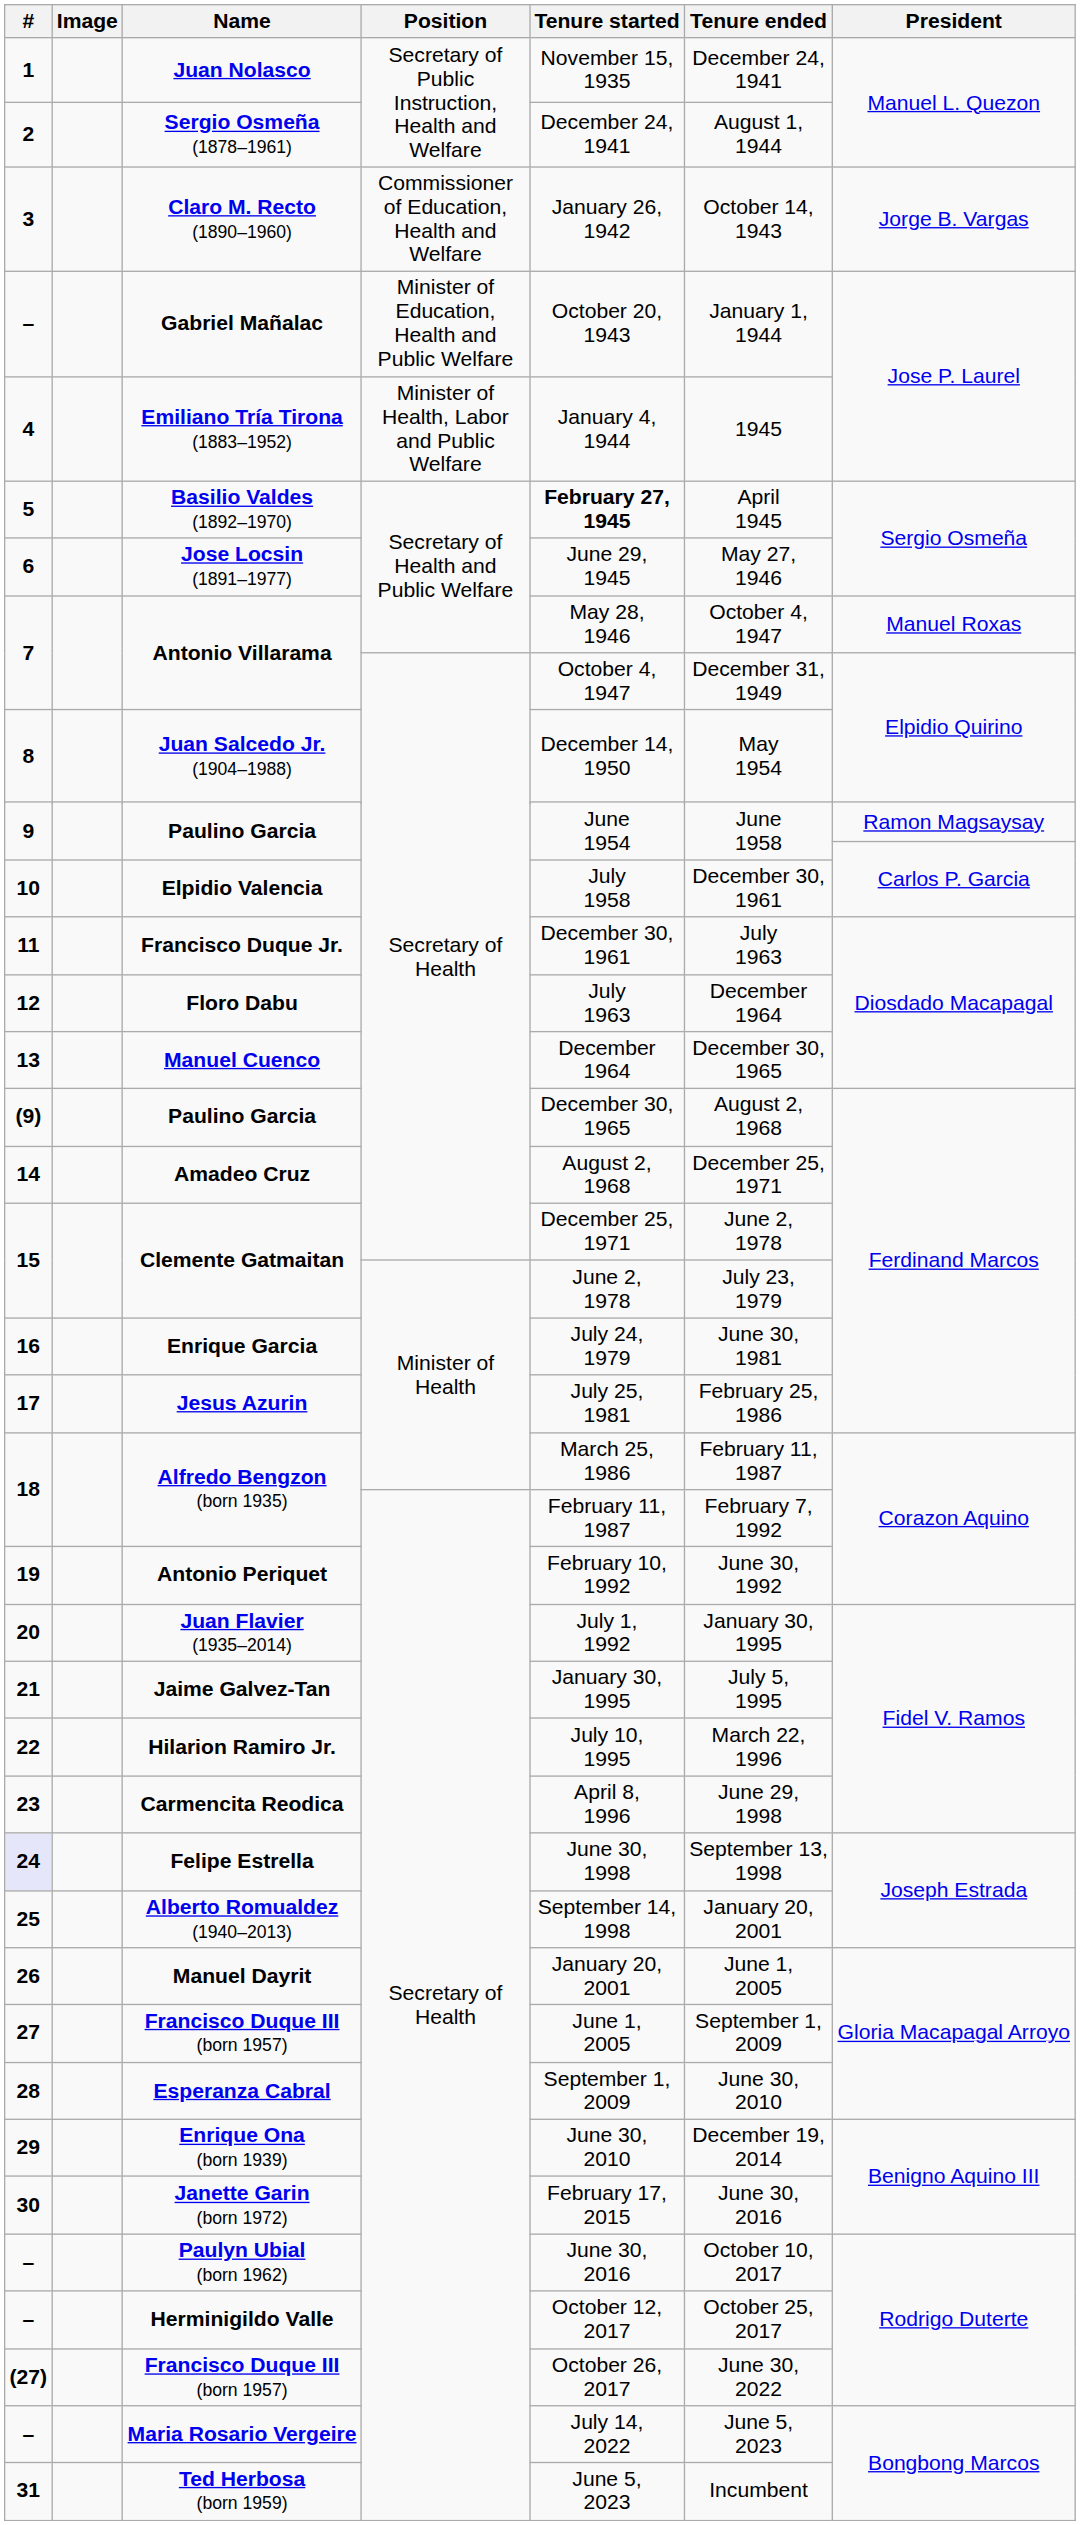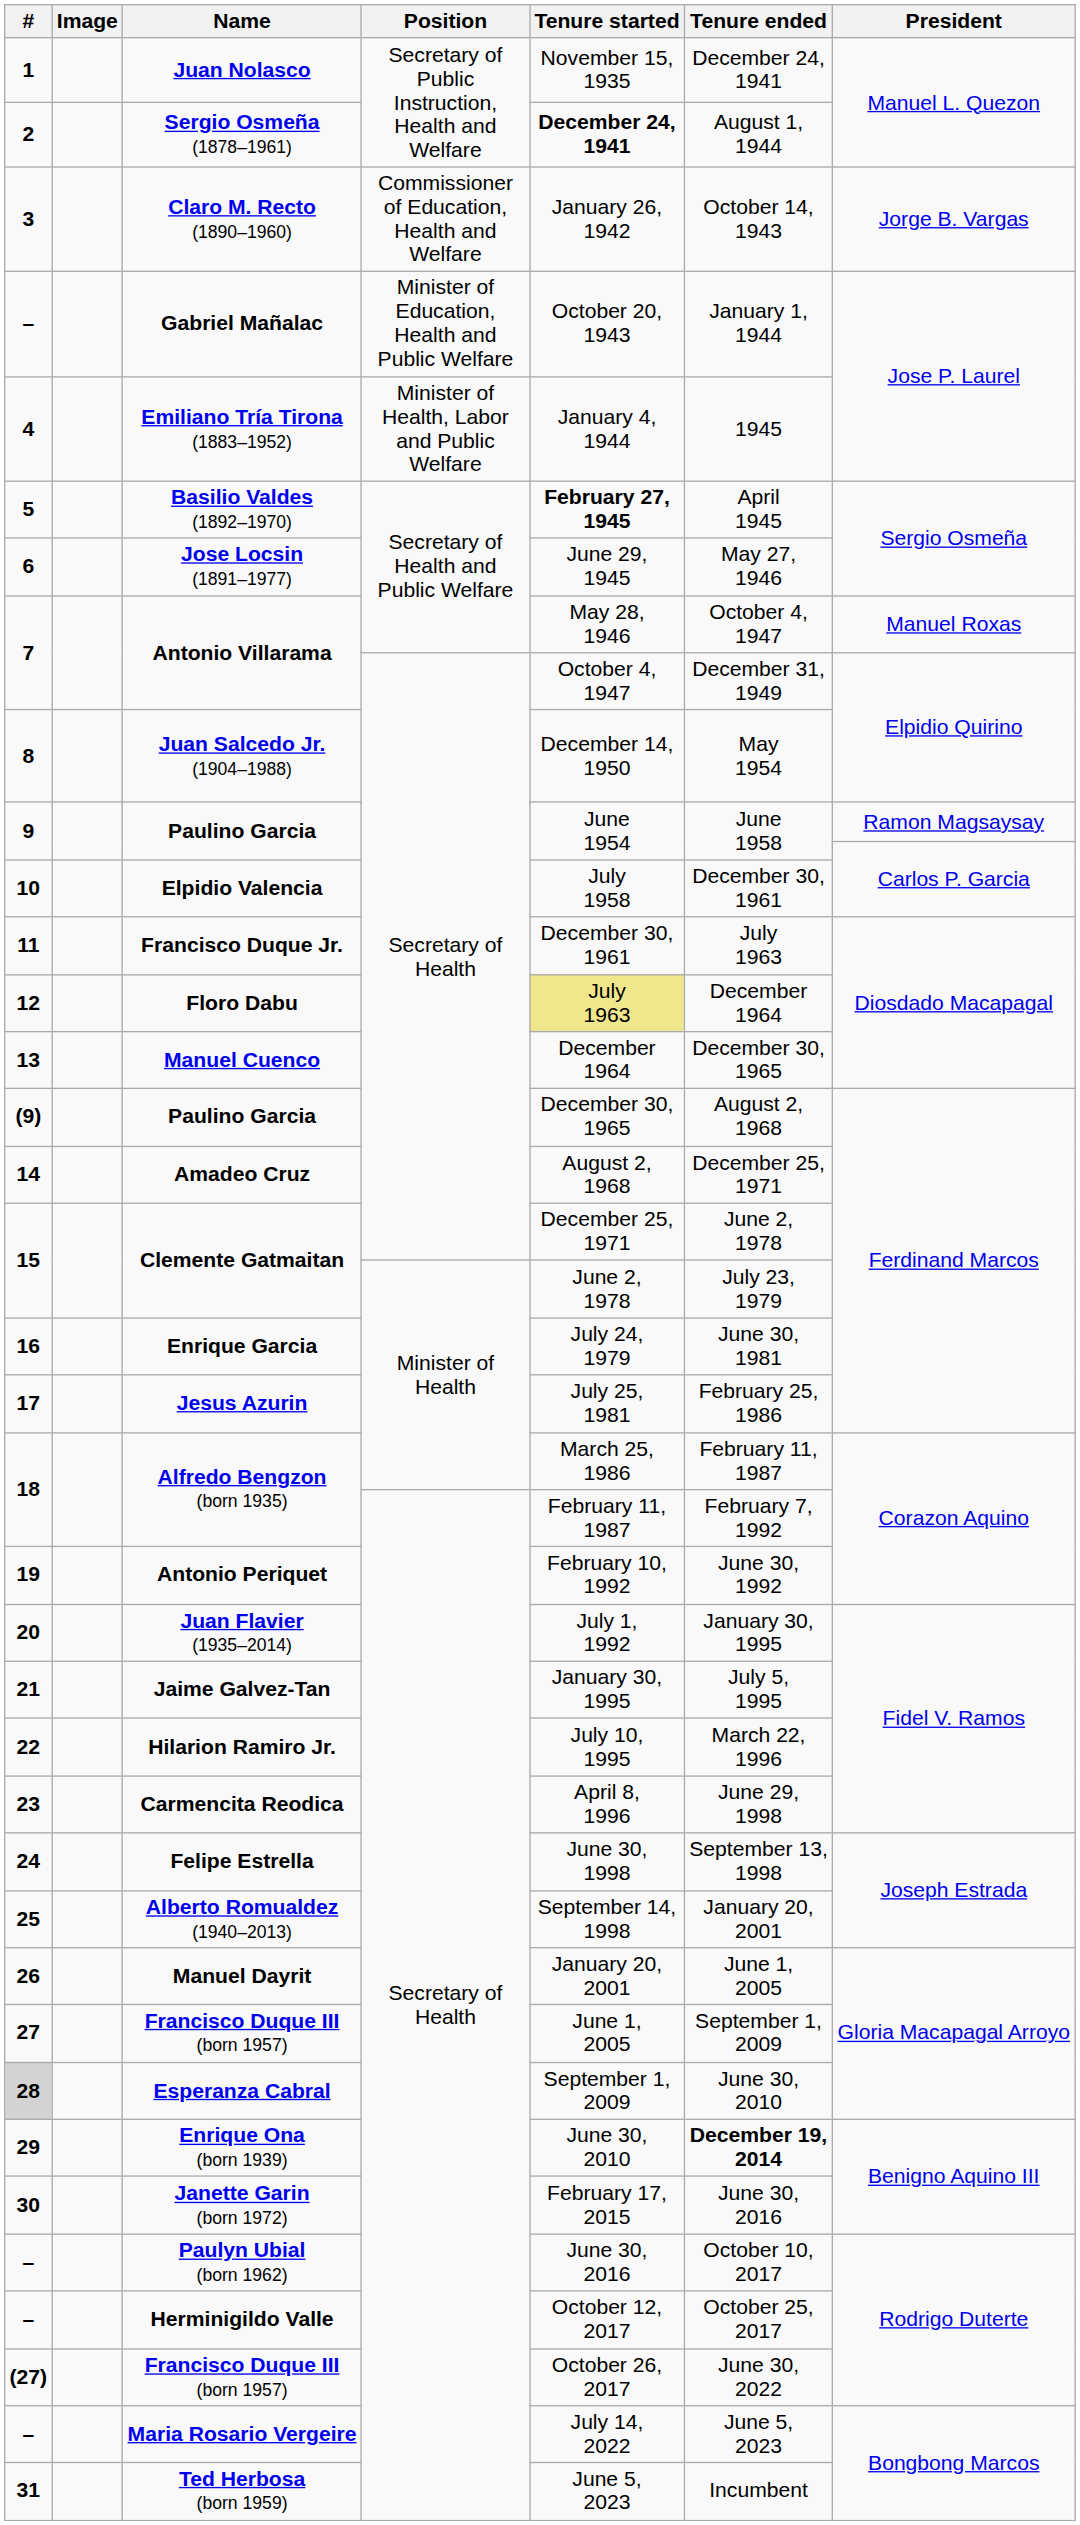 <table class="wikitable" style="text-align:center; border:1px #aaf solid;">
 <tr>
 <th>#</th>
 <th>Image</th>
 <th>Name</th>
 <th width=120px>Position</th>
 <th>Tenure started</th>
 <th>Tenure ended</th>
 <th>President</th>
 </tr>
 <tr>
 <td><strong>1</strong></td>
 <td></td>
 <td><strong><a href='#'>Juan Nolasco</a></strong></td>
 <td rowspan="2">Secretary of Public Instruction, Health and Welfare</td>
 <td>November 15,<br>1935</td>
 <td>December 24,<br>1941</td>
 <td rowspan="2"><a href='#'>Manuel L. Quezon</a></td>
 </tr>
 <tr>
 <td><strong>2</strong></td>
 <td></td>
 <td><strong><a href='#'>Sergio Osmeña</a></strong><br><small>(1878–1961)</small><br></td>
-<td>December 24,<br>1941</td>
+<td><strong>December 24,<br>1941</strong></td>
 <td>August 1,<br>1944</td>
 </tr>
 <tr>
 <td><strong>3</strong></td>
 <td></td>
 <td><strong><a href='#'>Claro M. Recto</a></strong><br><small>(1890–1960)</small><br></td>
 <td>Commissioner of Education, Health and Welfare</td>
 <td>January 26,<br>1942</td>
 <td>October 14,<br>1943</td>
 <td><a href='#'>Jorge B. Vargas</a></td>
 </tr>
 <tr>
 <td><strong>–</strong></td>
 <td></td>
 <td><strong>Gabriel Mañalac</strong><br></td>
 <td>Minister of Education, Health and Public Welfare</td>
 <td>October 20,<br>1943</td>
 <td>January 1,<br>1944</td>
 <td rowspan="2"><a href='#'>Jose P. Laurel</a></td>
 </tr>
 <tr>
 <td><strong>4</strong></td>
 <td></td>
 <td><strong><a href='#'>Emiliano Tría Tirona</a></strong><br><small>(1883–1952)</small><br></td>
 <td>Minister of Health, Labor and Public Welfare</td>
 <td>January 4,<br>1944</td>
 <td>1945</td>
 </tr>
 <tr>
 <td><strong>5</strong></td>
 <td></td>
 <td><strong><a href='#'>Basilio Valdes</a></strong><br><small>(1892–1970)</small></td>
 <td rowspan="3">Secretary of Health and Public Welfare</td>
 <td><strong>February 27,<br>1945</strong></td>
 <td>April<br>1945</td>
 <td rowspan="2"><a href='#'>Sergio Osmeña</a></td>
 </tr>
 <tr>
 <td><strong>6</strong></td>
 <td></td>
 <td><strong><a href='#'>Jose Locsin</a></strong><br><small>(1891–1977)</small></td>
 <td>June 29,<br>1945</td>
 <td>May 27,<br>1946</td>
 </tr>
 <tr>
 <td rowspan="3"><strong>7</strong></td>
 <td rowspan="3"></td>
 <td rowspan="3"><strong>Antonio Villarama</strong></td>
 <td>May 28,<br>1946</td>
 <td>October 4,<br>1947</td>
 <td rowspan="2"><a href='#'>Manuel Roxas</a></td>
 </tr>
 <tr>
 <td rowspan="13">Secretary of Health</td>
 <td rowspan="2">October 4,<br>1947</td>
 <td rowspan="2">December 31,<br>1949</td>
 </tr>
 <tr>
 <td rowspan="2"><a href='#'>Elpidio Quirino</a></td>
 </tr>
 <tr style="height:70px;">
 <td rowspan="2"><strong>8</strong></td>
 <td rowspan="2"></td>
 <td rowspan="2"><strong><a href='#'>Juan Salcedo Jr.</a></strong><br><small>(1904–1988)</small></td>
 <td rowspan="2">December 14,<br>1950</td>
 <td rowspan="2">May<br>1954</td>
 </tr>
 <tr>
 <td rowspan="2"><a href='#'>Ramon Magsaysay</a></td>
 </tr>
 <tr style="height:30px;">
 <td rowspan="2"><strong>9</strong></td>
 <td rowspan="2"></td>
 <td rowspan="2"><strong>Paulino Garcia</strong></td>
 <td rowspan="2">June<br>1954</td>
 <td rowspan="2">June<br>1958</td>
 </tr>
 <tr>
 <td rowspan="2"><a href='#'>Carlos P. Garcia</a></td>
 </tr>
 <tr>
 <td><strong>10</strong></td>
 <td></td>
 <td><strong>Elpidio Valencia</strong></td>
 <td>July<br>1958</td>
 <td>December 30,<br>1961</td>
 </tr>
 <tr>
 <td><strong>11</strong></td>
 <td></td>
 <td><strong>Francisco Duque Jr.</strong></td>
 <td>December 30,<br>1961</td>
 <td>July<br>1963</td>
 <td rowspan="3"><a href='#'>Diosdado Macapagal</a></td>
 </tr>
 <tr>
 <td><strong>12</strong></td>
 <td></td>
 <td><strong>Floro Dabu</strong></td>
-<td>July<br>1963</td>
+<td style="background: khaki;">July<br>1963</td>
 <td>December<br>1964</td>
 </tr>
 <tr>
 <td><strong>13</strong></td>
 <td></td>
 <td><strong><a href='#'>Manuel Cuenco</a></strong></td>
 <td>December<br>1964</td>
 <td>December 30,<br>1965</td>
 </tr>
 <tr>
 <td><strong>(9)</strong></td>
 <td></td>
 <td><strong>Paulino Garcia</strong></td>
 <td>December 30,<br>1965</td>
 <td>August 2,<br>1968</td>
 <td rowspan="6"><a href='#'>Ferdinand Marcos</a></td>
 </tr>
 <tr>
 <td><strong>14</strong></td>
 <td></td>
 <td><strong>Amadeo Cruz</strong></td>
 <td>August 2,<br>1968</td>
 <td>December 25,<br>1971</td>
 </tr>
 <tr>
 <td rowspan="2"><strong>15</strong></td>
 <td rowspan="2"></td>
 <td rowspan="2"><strong>Clemente Gatmaitan</strong></td>
 <td>December 25,<br>1971</td>
 <td>June 2,<br>1978</td>
 </tr>
 <tr>
 <td rowspan="4">Minister of Health</td>
 <td>June 2,<br>1978</td>
 <td>July 23,<br>1979</td>
 </tr>
 <tr>
 <td><strong>16</strong></td>
 <td></td>
 <td><strong>Enrique Garcia</strong></td>
 <td>July 24,<br>1979</td>
 <td>June 30,<br>1981</td>
 </tr>
 <tr>
 <td><strong>17</strong></td>
 <td></td>
 <td><strong><a href='#'>Jesus Azurin</a></strong></td>
 <td>July 25,<br>1981</td>
 <td>February 25,<br>1986</td>
 </tr>
 <tr>
 <td rowspan="2"><strong>18</strong></td>
 <td rowspan="2"></td>
 <td rowspan="2"><strong><a href='#'>Alfredo Bengzon</a></strong><br><small>(born 1935)</small></td>
 <td>March 25,<br>1986</td>
 <td>February 11,<br>1987</td>
 <td rowspan="3"><a href='#'>Corazon Aquino</a></td>
 </tr>
 <tr>
 <td rowspan="18">Secretary of Health</td>
 <td>February 11,<br>1987</td>
 <td>February 7,<br>1992</td>
 </tr>
 <tr>
 <td><strong>19</strong></td>
 <td></td>
 <td><strong>Antonio Periquet</strong></td>
 <td>February 10,<br>1992</td>
 <td>June 30,<br>1992</td>
 </tr>
 <tr>
 <td><strong>20</strong></td>
 <td></td>
 <td><strong><a href='#'>Juan Flavier</a></strong><br><small>(1935–2014)</small></td>
 <td>July 1,<br>1992</td>
 <td>January 30,<br>1995</td>
 <td rowspan="4"><a href='#'>Fidel V. Ramos</a></td>
 </tr>
 <tr>
 <td><strong>21</strong></td>
 <td></td>
 <td><strong>Jaime Galvez-Tan</strong></td>
 <td>January 30,<br>1995</td>
 <td>July 5,<br>1995</td>
 </tr>
 <tr>
 <td><strong>22</strong></td>
 <td></td>
 <td><strong>Hilarion Ramiro Jr.</strong></td>
 <td>July 10,<br>1995</td>
 <td>March 22,<br>1996</td>
 </tr>
 <tr>
 <td><strong>23</strong></td>
 <td></td>
 <td><strong>Carmencita Reodica</strong></td>
 <td>April 8,<br>1996</td>
 <td>June 29,<br>1998</td>
 </tr>
 <tr>
-<td style="background: lavender;"><strong>24</strong></td>
+<td><strong>24</strong></td>
 <td></td>
 <td><strong>Felipe Estrella</strong></td>
 <td>June 30,<br>1998</td>
 <td>September 13,<br>1998</td>
 <td rowspan="2"><a href='#'>Joseph Estrada</a></td>
 </tr>
 <tr>
 <td><strong>25</strong></td>
 <td></td>
 <td><strong><a href='#'>Alberto Romualdez</a></strong><br><small>(1940–2013)</small></td>
 <td>September 14,<br>1998</td>
 <td>January 20,<br>2001</td>
 </tr>
 <tr>
 <td><strong>26</strong></td>
 <td></td>
 <td><strong>Manuel Dayrit</strong></td>
 <td>January 20,<br>2001</td>
 <td>June 1,<br>2005</td>
 <td rowspan="3"><a href='#'>Gloria Macapagal Arroyo</a></td>
 </tr>
 <tr>
 <td><strong>27</strong></td>
 <td></td>
 <td><strong><a href='#'>Francisco Duque III</a></strong><br><small>(born 1957)</small></td>
 <td>June 1,<br>2005</td>
 <td>September 1,<br>2009</td>
 </tr>
 <tr>
-<td><strong>28</strong></td>
+<td style="background: lightgrey;"><strong>28</strong></td>
 <td></td>
 <td><strong><a href='#'>Esperanza Cabral</a></strong></td>
 <td>September 1,<br>2009</td>
 <td>June 30,<br>2010</td>
 </tr>
 <tr>
 <td><strong>29</strong></td>
 <td></td>
 <td><strong><a href='#'>Enrique Ona</a></strong><br><small>(born 1939)</small><br></td>
 <td>June 30,<br>2010</td>
-<td>December 19,<br>2014</td>
+<td><strong>December 19,<br>2014</strong></td>
 <td rowspan="2"><a href='#'>Benigno Aquino III</a></td>
 </tr>
 <tr>
 <td><strong>30</strong></td>
 <td></td>
 <td><strong><a href='#'>Janette Garin</a></strong><br><small>(born 1972)</small></td>
 <td>February 17,<br>2015</td>
 <td>June 30,<br>2016</td>
 </tr>
 <tr>
 <td><strong>–</strong></td>
 <td></td>
 <td><strong><a href='#'>Paulyn Ubial</a></strong><br><small>(born 1962)</small><br></td>
 <td>June 30,<br>2016</td>
 <td>October 10,<br>2017</td>
 <td rowspan="3"><a href='#'>Rodrigo Duterte</a></td>
 </tr>
 <tr>
 <td><strong>–</strong></td>
 <td></td>
 <td><strong>Herminigildo Valle</strong><br></td>
 <td>October 12,<br>2017</td>
 <td>October 25,<br>2017</td>
 </tr>
 <tr>
 <td><strong>(27)</strong></td>
 <td></td>
 <td><strong><a href='#'>Francisco Duque III</a></strong><br><small>(born 1957)</small><br></td>
 <td>October 26,<br>2017</td>
 <td>June 30,<br>2022</td>
 </tr>
 <tr>
 <td><strong>–</strong></td>
 <td></td>
 <td><strong><a href='#'>Maria Rosario Vergeire</a></strong></td>
 <td>July 14,<br>2022</td>
 <td>June 5,<br>2023</td>
 <td rowspan="2"><a href='#'>Bongbong Marcos</a></td>
 </tr>
 <tr>
 <td><strong>31</strong></td>
 <td></td>
 <td><strong><a href='#'>Ted Herbosa</a></strong><br><small>(born 1959)</small></td>
 <td>June 5,<br>2023</td>
 <td>Incumbent</td>
 </tr>
 </table>
